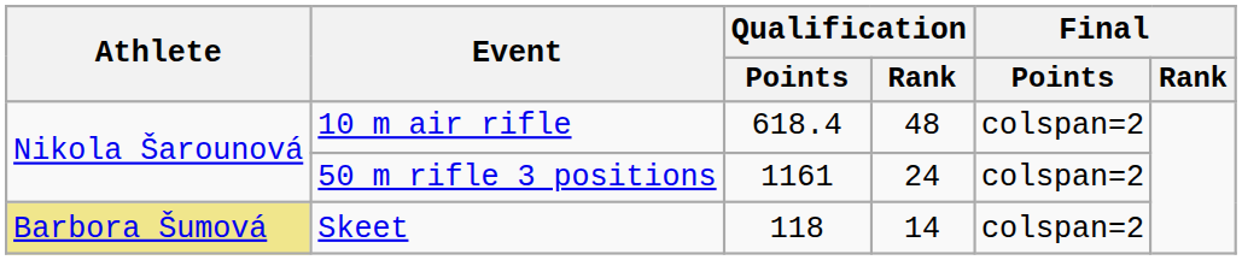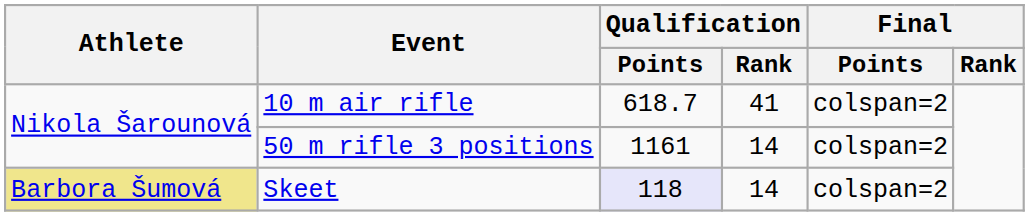 <table class="wikitable" style="font-size:90%">
 <tr>
 <th rowspan="2">Athlete</th>
 <th rowspan="2">Event</th>
 <th colspan=2>Qualification</th>
 <th colspan=2>Final</th>
 </tr>
 <tr style="font-size:95%">
 <th>Points</th>
 <th>Rank</th>
 <th>Points</th>
 <th>Rank</th>
 </tr>
 <tr align=center>
 <td align=left rowspan=2><a href='#'>Nikola Šarounová</a></td>
 <td align=left><a href='#'>10 m air rifle</a></td>
-<td>618.4</td>
-<td>48</td>
+<td>618.7</td>
+<td>41</td>
 <td>colspan=2 </td>
 </tr>
 <tr align=center>
 <td align=left><a href='#'>50 m rifle 3 positions</a></td>
 <td>1161</td>
-<td>24</td>
+<td>14</td>
 <td>colspan=2 </td>
 </tr>
 <tr align=center>
 <td align=left style="background: khaki;"><a href='#'>Barbora Šumová</a></td>
 <td align=left><a href='#'>Skeet</a></td>
-<td>118</td>
+<td style="background: lavender;">118</td>
 <td>14</td>
 <td>colspan=2 </td>
 </tr>
 </table>
